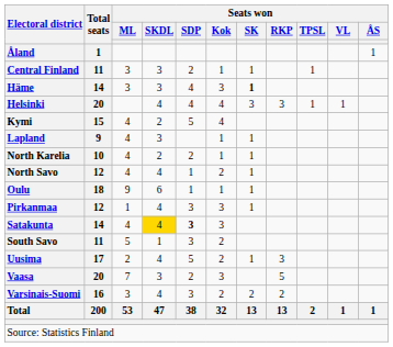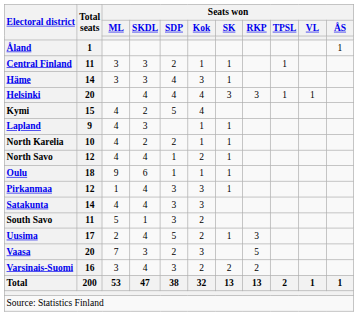 <table class="wikitable" style="text-align:center; font-size: 0.9em;">
 <tr>
 <th rowspan="3"><a href='#'>Electoral district</a></th>
 <th rowspan="3">Total<br>seats</th>
 <th colspan="9">Seats won</th>
 </tr>
 <tr>
 <th class="unsortable" style="width:35px;"><a href='#'>ML</a></th>
 <th class="unsortable" style="width:35px;"><a href='#'>SKDL</a></th>
 <th class="unsortable" style="width:35px;"><a href='#'>SDP</a></th>
 <th class="unsortable" style="width:35px;"><a href='#'>Kok</a></th>
 <th class="unsortable" style="width:35px;"><a href='#'>SK</a></th>
 <th class="unsortable" style="width:35px;"><a href='#'>RKP</a></th>
 <th class="unsortable" style="width:35px;"><a href='#'>TPSL</a></th>
 <th class="unsortable" style="width:35px;"><a href='#'>VL</a></th>
 <th class="unsortable" style="width:35px;"><a href='#'>ÅS</a></th>
 </tr>
 <tr>
 <th style="background:"></th>
 <th style="background:"></th>
 <th style="background:"></th>
 <th style="background:"></th>
 <th style="background:"></th>
 <th style="background:"></th>
 <th style="background:"></th>
 <th style="background:"></th>
 <th style="background:"></th>
 </tr>
 <tr>
 <th style="text-align: left;"><a href='#'>Åland</a></th>
 <th>1</th>
 <td></td>
 <td></td>
 <td></td>
 <td></td>
 <td></td>
 <td></td>
 <td></td>
 <td></td>
 <td>1</td>
 </tr>
 <tr>
 <th style="text-align: left;"><a href='#'>Central Finland</a></th>
 <th>11</th>
 <td>3</td>
 <td>3</td>
 <td>2</td>
 <td>1</td>
 <td>1</td>
 <td></td>
 <td>1</td>
 <td></td>
 <td></td>
 </tr>
 <tr>
 <th style="text-align: left;"><a href='#'>Häme</a></th>
 <th>14</th>
 <td>3</td>
 <td>3</td>
 <td>4</td>
 <td>3</td>
-<td><strong>1</strong></td>
+<td>1</td>
 <td></td>
 <td></td>
 <td></td>
 <td></td>
 </tr>
 <tr>
 <th style="text-align: left;"><a href='#'>Helsinki</a></th>
 <th>20</th>
 <td></td>
 <td>4</td>
 <td>4</td>
 <td>4</td>
 <td>3</td>
 <td>3</td>
 <td>1</td>
 <td>1</td>
 <td></td>
 </tr>
 <tr>
 <th style="text-align: left;">Kymi</th>
 <th>15</th>
 <td>4</td>
 <td>2</td>
 <td>5</td>
 <td>4</td>
 <td></td>
 <td></td>
 <td></td>
 <td></td>
 <td></td>
 </tr>
 <tr>
 <th style="text-align: left;"><a href='#'>Lapland</a></th>
 <th>9</th>
 <td>4</td>
 <td>3</td>
 <td></td>
 <td>1</td>
 <td>1</td>
 <td></td>
 <td></td>
 <td></td>
 <td></td>
 </tr>
 <tr>
 <th style="text-align: left;">North Karelia</th>
 <th>10</th>
 <td>4</td>
 <td>2</td>
 <td>2</td>
 <td>1</td>
 <td>1</td>
 <td></td>
 <td></td>
 <td></td>
 <td></td>
 </tr>
 <tr>
 <th style="text-align: left;">North Savo</th>
 <th>12</th>
 <td>4</td>
 <td>4</td>
 <td>1</td>
 <td>2</td>
 <td>1</td>
 <td></td>
 <td></td>
 <td></td>
 <td></td>
 </tr>
 <tr>
 <th style="text-align: left;"><a href='#'>Oulu</a></th>
 <th>18</th>
 <td>9</td>
 <td>6</td>
 <td>1</td>
 <td>1</td>
 <td>1</td>
 <td></td>
 <td></td>
 <td></td>
 <td></td>
 </tr>
 <tr>
 <th style="text-align: left;"><a href='#'>Pirkanmaa</a></th>
 <th>12</th>
 <td>1</td>
 <td>4</td>
 <td>3</td>
 <td>3</td>
 <td>1</td>
 <td></td>
 <td></td>
 <td></td>
 <td></td>
 </tr>
 <tr>
 <th style="text-align: left;"><a href='#'>Satakunta</a></th>
 <th>14</th>
 <td>4</td>
-<td style="background: gold;">4</td>
-<td><strong>3</strong></td>
+<td>4</td>
+<td>3</td>
 <td>3</td>
 <td></td>
 <td></td>
 <td></td>
 <td></td>
 <td></td>
 </tr>
 <tr>
 <th style="text-align: left;">South Savo</th>
 <th>11</th>
 <td>5</td>
 <td>1</td>
 <td>3</td>
 <td>2</td>
 <td></td>
 <td></td>
 <td></td>
 <td></td>
 <td></td>
 </tr>
 <tr>
 <th style="text-align: left;"><a href='#'>Uusima</a></th>
 <th>17</th>
 <td>2</td>
 <td>4</td>
 <td>5</td>
 <td>2</td>
 <td>1</td>
 <td>3</td>
 <td></td>
 <td></td>
 <td></td>
 </tr>
 <tr>
 <th style="text-align: left;"><a href='#'>Vaasa</a></th>
 <th>20</th>
 <td>7</td>
 <td>3</td>
 <td>2</td>
 <td>3</td>
 <td></td>
 <td>5</td>
 <td></td>
 <td></td>
 <td></td>
 </tr>
 <tr>
 <th style="text-align: left;"><a href='#'>Varsinais-Suomi</a></th>
 <th>16</th>
 <td>3</td>
 <td>4</td>
 <td>3</td>
 <td>2</td>
 <td>2</td>
 <td>2</td>
 <td></td>
 <td></td>
 <td></td>
 </tr>
 <tr class="sortbottom">
 <th style="text-align: left;">Total</th>
 <th>200</th>
 <th>53</th>
 <th>47</th>
 <th>38</th>
 <th>32</th>
 <th>13</th>
 <th>13</th>
 <th>2</th>
 <th>1</th>
 <th>1</th>
 </tr>
 <tr>
 <th colspan="11"></th>
 </tr>
 <tr>
 <td colspan="11" align=left>Source: Statistics Finland</td>
 </tr>
 </table>
